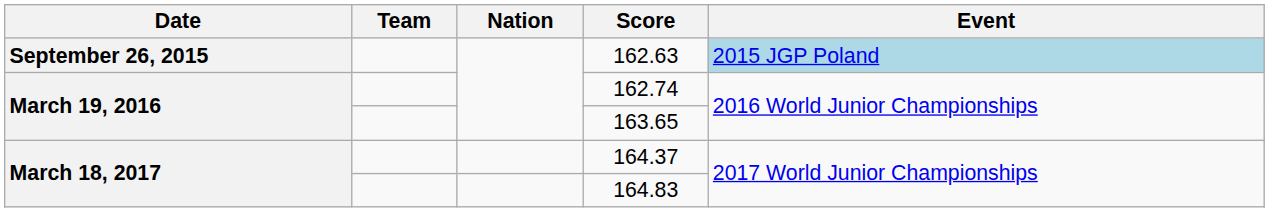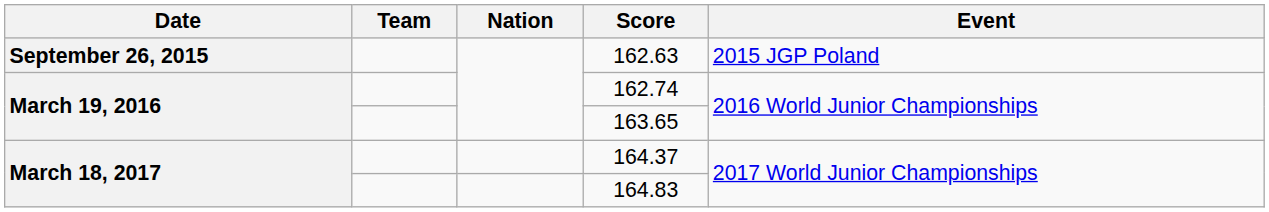 <table class="wikitable unsortable" style="text-align:left; width:75%">
 <tr>
 <th scope="col">Date</th>
 <th scope="col">Team</th>
 <th scope="col">Nation</th>
 <th scope="col">Score</th>
 <th scope="col">Event</th>
 </tr>
 <tr>
 <th scope="row" style="text-align:left">September 26, 2015</th>
 <td></td>
 <td rowspan="3"></td>
 <td style="text-align:center">162.63</td>
-<td style="background: lightblue;"><a href='#'>2015 JGP Poland</a></td>
+<td><a href='#'>2015 JGP Poland</a></td>
 </tr>
 <tr>
 <th scope="row" style="text-align:left" rowspan="2">March 19, 2016</th>
 <td></td>
 <td style="text-align:center">162.74</td>
 <td rowspan="2"><a href='#'>2016 World Junior Championships</a></td>
 </tr>
 <tr>
 <td></td>
 <td style="text-align:center">163.65</td>
 </tr>
 <tr>
 <th scope="row" style="text-align:left" rowspan="2">March 18, 2017</th>
 <td></td>
 <td></td>
 <td style="text-align:center">164.37</td>
 <td rowspan="2"><a href='#'>2017 World Junior Championships</a></td>
 </tr>
 <tr>
 <td></td>
 <td></td>
 <td style="text-align:center">164.83</td>
 </tr>
 </table>
